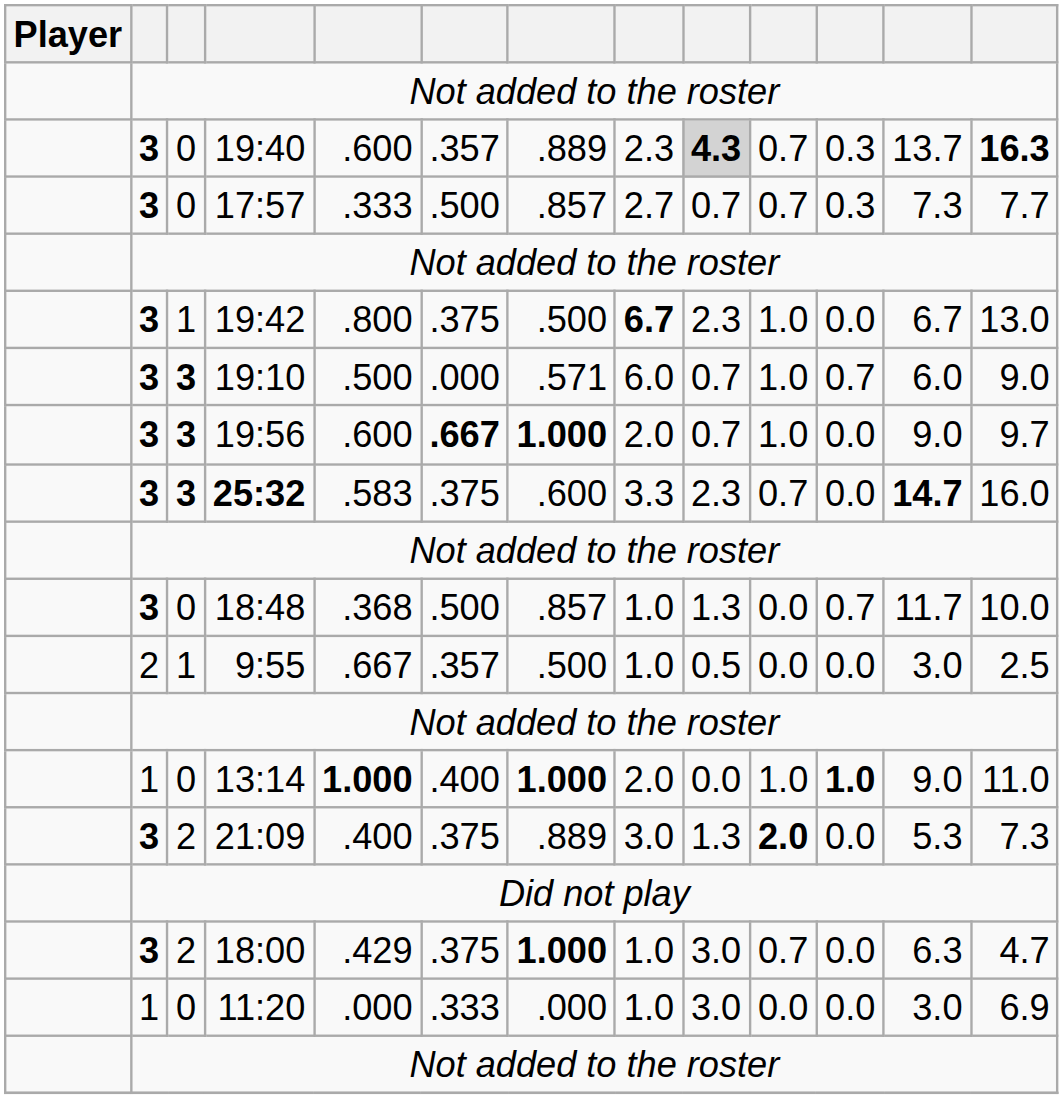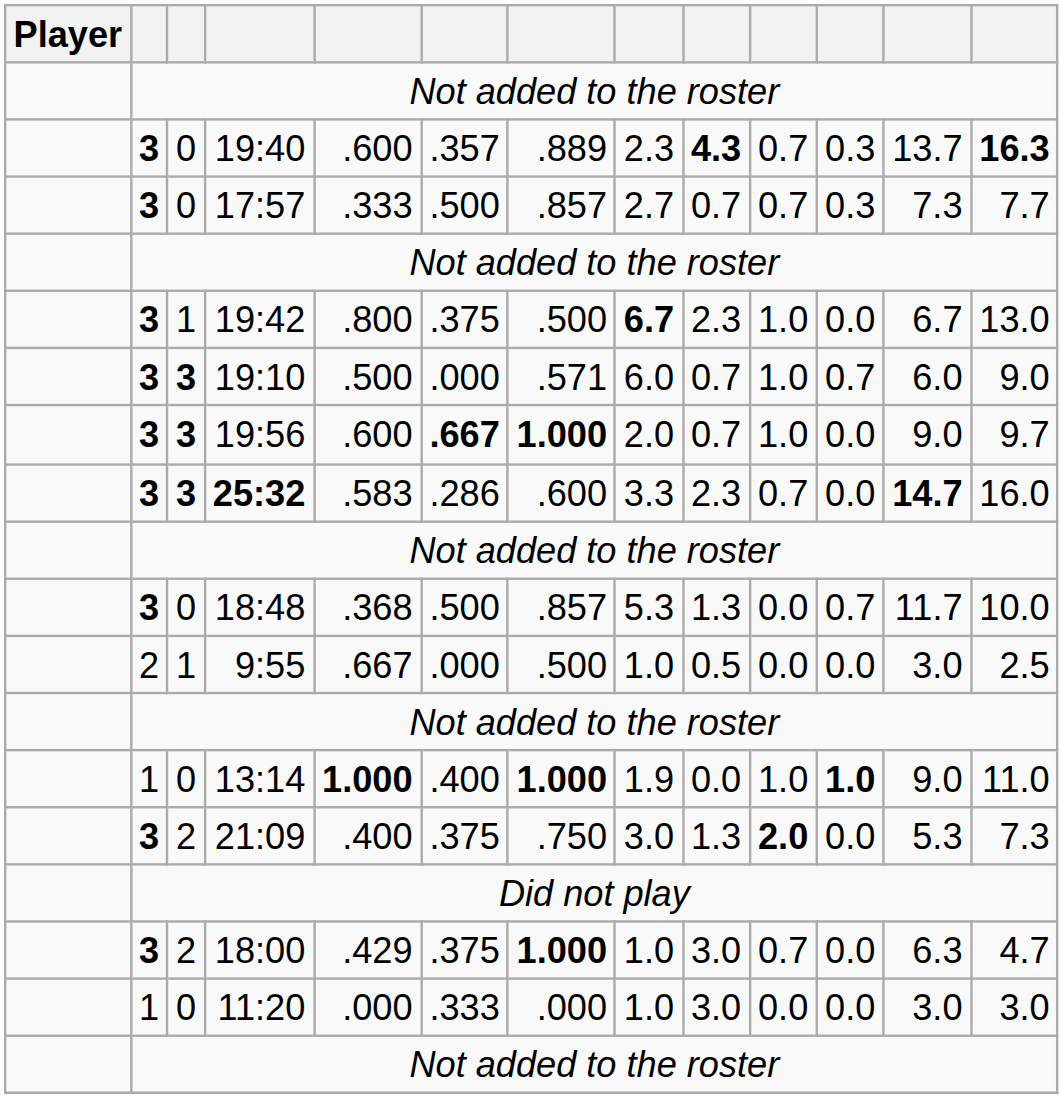 <table class="wikitable sortable" style="font-size:95%; text-align:right;">
 <tr>
 <th>Player</th>
 <th></th>
 <th></th>
 <th></th>
 <th></th>
 <th></th>
 <th></th>
 <th></th>
 <th></th>
 <th></th>
 <th></th>
 <th></th>
 <th></th>
 </tr>
 <tr>
 <td><strong></strong></td>
 <td colspan=12 data-sort-value="-50" style="text-align:center"><em>Not added to the roster</em></td>
 </tr>
 <tr>
 <td><strong></strong></td>
 <td><strong>3</strong></td>
 <td>0</td>
 <td>19:40</td>
 <td>.600</td>
 <td>.357</td>
 <td>.889</td>
 <td>2.3</td>
-<td style="background: lightgrey;"><strong>4.3</strong></td>
+<td><strong>4.3</strong></td>
 <td>0.7</td>
 <td>0.3</td>
 <td>13.7</td>
 <td><strong>16.3</strong></td>
 </tr>
 <tr>
 <td><strong></strong></td>
 <td><strong>3</strong></td>
 <td>0</td>
 <td>17:57</td>
 <td>.333</td>
 <td>.500</td>
 <td>.857</td>
 <td>2.7</td>
 <td>0.7</td>
 <td>0.7</td>
 <td>0.3</td>
 <td>7.3</td>
 <td>7.7</td>
 </tr>
 <tr>
 <td><strong></strong></td>
 <td colspan=12 data-sort-value="-50" style="text-align:center"><em>Not added to the roster</em></td>
 </tr>
 <tr>
 <td><strong></strong></td>
 <td><strong>3</strong></td>
 <td>1</td>
 <td>19:42</td>
 <td>.800</td>
 <td>.375</td>
 <td>.500</td>
 <td><strong>6.7</strong></td>
 <td>2.3</td>
 <td>1.0</td>
 <td>0.0</td>
 <td>6.7</td>
 <td>13.0</td>
 </tr>
 <tr>
 <td><strong></strong></td>
 <td><strong>3</strong></td>
 <td><strong>3</strong></td>
 <td>19:10</td>
 <td>.500</td>
 <td>.000</td>
 <td>.571</td>
 <td>6.0</td>
 <td>0.7</td>
 <td>1.0</td>
 <td>0.7</td>
 <td>6.0</td>
 <td>9.0</td>
 </tr>
 <tr>
 <td><strong></strong></td>
 <td><strong>3</strong></td>
 <td><strong>3</strong></td>
 <td>19:56</td>
 <td>.600</td>
 <td><strong>.667</strong></td>
 <td><strong>1.000</strong></td>
 <td>2.0</td>
 <td>0.7</td>
 <td>1.0</td>
 <td>0.0</td>
 <td>9.0</td>
 <td>9.7</td>
 </tr>
 <tr>
 <td><strong></strong></td>
 <td><strong>3</strong></td>
 <td><strong>3</strong></td>
 <td><strong>25:32</strong></td>
 <td>.583</td>
-<td>.375</td>
+<td>.286</td>
 <td>.600</td>
 <td>3.3</td>
 <td>2.3</td>
 <td>0.7</td>
 <td>0.0</td>
 <td><strong>14.7</strong></td>
 <td>16.0</td>
 </tr>
 <tr>
 <td><strong></strong></td>
 <td colspan=12 data-sort-value="-50"f style="text-align:center"><em>Not added to the roster</em></td>
 </tr>
 <tr>
 <td><strong></strong></td>
 <td><strong>3</strong></td>
 <td>0</td>
 <td>18:48</td>
 <td>.368</td>
 <td>.500</td>
 <td>.857</td>
-<td>1.0</td>
+<td>5.3</td>
 <td>1.3</td>
 <td>0.0</td>
 <td>0.7</td>
 <td>11.7</td>
 <td>10.0</td>
 </tr>
 <tr>
 <td><strong></strong></td>
 <td>2</td>
 <td>1</td>
 <td>9:55</td>
 <td>.667</td>
-<td>.357</td>
+<td>.000</td>
 <td>.500</td>
 <td>1.0</td>
 <td>0.5</td>
 <td>0.0</td>
 <td>0.0</td>
 <td>3.0</td>
 <td>2.5</td>
 </tr>
 <tr>
 <td><strong></strong></td>
 <td colspan=12 data-sort-value="-50" style="text-align:center"><em>Not added to the roster</em></td>
 </tr>
 <tr>
 <td><strong></strong></td>
 <td>1</td>
 <td>0</td>
 <td>13:14</td>
 <td><strong>1.000</strong></td>
 <td>.400</td>
 <td><strong>1.000</strong></td>
-<td>2.0</td>
+<td>1.9</td>
 <td>0.0</td>
 <td>1.0</td>
 <td><strong>1.0</strong></td>
 <td>9.0</td>
 <td>11.0</td>
 </tr>
 <tr>
 <td><strong></strong></td>
 <td><strong>3</strong></td>
 <td>2</td>
 <td>21:09</td>
 <td>.400</td>
 <td>.375</td>
-<td>.889</td>
+<td>.750</td>
 <td>3.0</td>
 <td>1.3</td>
 <td><strong>2.0</strong></td>
 <td>0.0</td>
 <td>5.3</td>
 <td>7.3</td>
 </tr>
 <tr>
 <td><strong></strong></td>
 <td colspan=12 data-sort-value="-50" style="text-align:center"><em>Did not play</em></td>
 </tr>
 <tr>
 <td><strong></strong></td>
 <td><strong>3</strong></td>
 <td>2</td>
 <td>18:00</td>
 <td>.429</td>
 <td>.375</td>
 <td><strong>1.000</strong></td>
 <td>1.0</td>
 <td>3.0</td>
 <td>0.7</td>
 <td>0.0</td>
 <td>6.3</td>
 <td>4.7</td>
 </tr>
 <tr>
 <td><strong></strong></td>
 <td>1</td>
 <td>0</td>
 <td>11:20</td>
 <td>.000</td>
 <td>.333</td>
 <td>.000</td>
 <td>1.0</td>
 <td>3.0</td>
 <td>0.0</td>
 <td>0.0</td>
 <td>3.0</td>
-<td>6.9</td>
+<td>3.0</td>
 </tr>
 <tr>
 <td><strong></strong></td>
 <td colspan=12 data-sort-value="-50" style="text-align:center"><em>Not added to the roster</em></td>
 </tr>
 <tr>
 </tr>
 </table>
